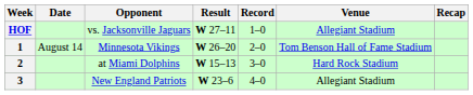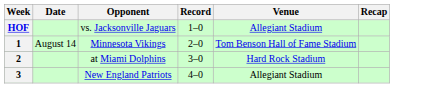 <table class="wikitable" style="text-align:center">
 <tr>
 <th>Week</th>
 <th>Date</th>
 <th>Opponent</th>
-<th>Result</th>
 <th>Record</th>
 <th>Venue</th>
 <th>Recap</th>
 </tr>
 <tr style="background:#cfc">
 <th><a href='#'>HOF</a></th>
 <td></td>
 <td>vs. <a href='#'>Jacksonville Jaguars</a></td>
-<td><strong>W</strong> 27–11</td>
 <td>1–0</td>
 <td><a href='#'>Allegiant Stadium</a></td>
 <td></td>
 </tr>
 <tr style="background:#cfc">
 <th>1</th>
 <td>August 14</td>
 <td><a href='#'>Minnesota Vikings</a></td>
-<td><strong>W</strong> 26–20</td>
 <td>2–0</td>
 <td><a href='#'>Tom Benson Hall of Fame Stadium</a> </td>
 <td></td>
 </tr>
 <tr style="background:#cfc">
 <th>2</th>
 <td></td>
 <td>at <a href='#'>Miami Dolphins</a></td>
-<td><strong>W</strong> 15–13</td>
 <td>3–0</td>
 <td><a href='#'>Hard Rock Stadium</a></td>
 <td></td>
 </tr>
 <tr style="background:#cfc">
 <th>3</th>
 <td></td>
 <td><a href='#'>New England Patriots</a></td>
-<td><strong>W</strong> 23–6</td>
 <td>4–0</td>
 <td>Allegiant Stadium</td>
 <td></td>
 </tr>
 </table>
